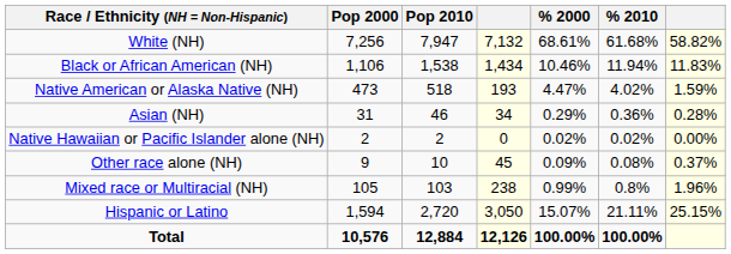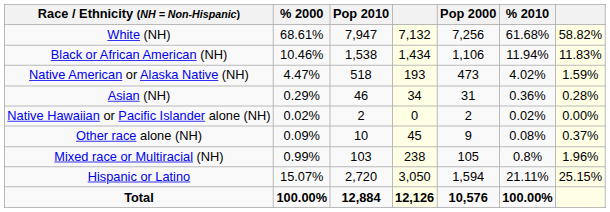 <table class="wikitable" style="text-align:center;">
 <tr>
 <th>Race / Ethnicity <small>(<em>NH = Non-Hispanic</em>)</small></th>
-<th>Pop 2000</th>
+<th>% 2000</th>
 <th>Pop 2010</th>
 <th></th>
-<th>% 2000</th>
+<th>Pop 2000</th>
 <th>% 2010</th>
 <th></th>
 </tr>
 <tr>
 <td><a href='#'>White</a> (NH)</td>
-<td>7,256</td>
+<td>68.61%</td>
 <td>7,947</td>
 <td style='background: #ffffe6;'>7,132</td>
-<td>68.61%</td>
+<td>7,256</td>
 <td>61.68%</td>
 <td style='background: #ffffe6;'>58.82%</td>
 </tr>
 <tr>
 <td><a href='#'>Black or African American</a> (NH)</td>
-<td>1,106</td>
+<td>10.46%</td>
 <td>1,538</td>
 <td style='background: #ffffe6;'>1,434</td>
-<td>10.46%</td>
+<td>1,106</td>
 <td>11.94%</td>
 <td style='background: #ffffe6;'>11.83%</td>
 </tr>
 <tr>
 <td><a href='#'>Native American</a> or <a href='#'>Alaska Native</a> (NH)</td>
-<td>473</td>
+<td>4.47%</td>
 <td>518</td>
 <td style='background: #ffffe6;'>193</td>
-<td>4.47%</td>
+<td>473</td>
 <td>4.02%</td>
 <td style='background: #ffffe6;'>1.59%</td>
 </tr>
 <tr>
 <td><a href='#'>Asian</a> (NH)</td>
-<td>31</td>
+<td>0.29%</td>
 <td>46</td>
 <td style='background: #ffffe6;'>34</td>
-<td>0.29%</td>
+<td>31</td>
 <td>0.36%</td>
 <td style='background: #ffffe6;'>0.28%</td>
 </tr>
 <tr>
 <td><a href='#'>Native Hawaiian</a> or <a href='#'>Pacific Islander</a> alone (NH)</td>
-<td>2</td>
+<td>0.02%</td>
 <td>2</td>
 <td style='background: #ffffe6;'>0</td>
-<td>0.02%</td>
+<td>2</td>
 <td>0.02%</td>
 <td style='background: #ffffe6;'>0.00%</td>
 </tr>
 <tr>
 <td><a href='#'>Other race</a> alone (NH)</td>
-<td>9</td>
+<td>0.09%</td>
 <td>10</td>
 <td style='background: #ffffe6;'>45</td>
-<td>0.09%</td>
+<td>9</td>
 <td>0.08%</td>
 <td style='background: #ffffe6;'>0.37%</td>
 </tr>
 <tr>
 <td><a href='#'>Mixed race or Multiracial</a> (NH)</td>
-<td>105</td>
+<td>0.99%</td>
 <td>103</td>
 <td style='background: #ffffe6;'>238</td>
-<td>0.99%</td>
+<td>105</td>
 <td>0.8%</td>
 <td style='background: #ffffe6;'>1.96%</td>
 </tr>
 <tr>
 <td><a href='#'>Hispanic or Latino</a></td>
-<td>1,594</td>
+<td>15.07%</td>
 <td>2,720</td>
 <td style='background: #ffffe6;'>3,050</td>
-<td>15.07%</td>
+<td>1,594</td>
 <td>21.11%</td>
 <td style='background: #ffffe6;'>25.15%</td>
 </tr>
 <tr>
 <td><strong>Total</strong></td>
-<td><strong>10,576</strong></td>
+<td><strong>100.00%</strong></td>
 <td><strong>12,884</strong></td>
 <td style='background: #ffffe6;'><strong>12,126</strong></td>
-<td><strong>100.00%</strong></td>
+<td><strong>10,576</strong></td>
 <td><strong>100.00%</strong></td>
 <td style='background: #ffffe6;'></td>
 </tr>
 </table>
